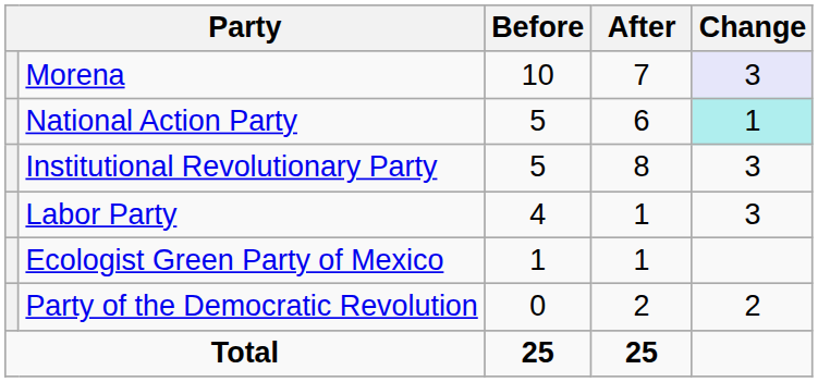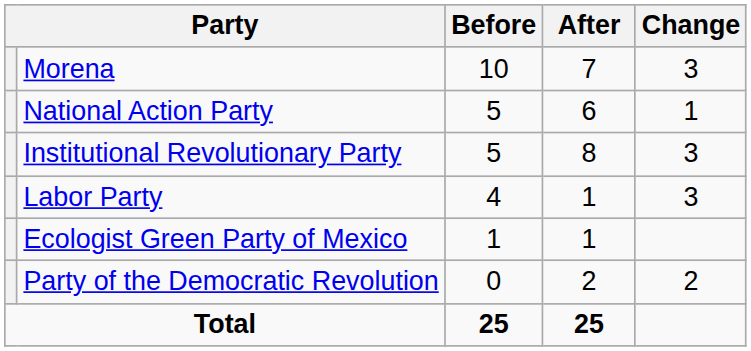 <table class="wikitable" style="text-align:center;">
 <tr>
 <th colspan="2">Party</th>
 <th style="width:3em">Before</th>
 <th style="width:3em">After</th>
 <th style="width:3em">Change</th>
 </tr>
 <tr>
 <th style="background-color:"></th>
 <td style="text-align:left;"><a href='#'>Morena</a></td>
 <td>10</td>
 <td>7</td>
-<td style="background: lavender;">3</td>
+<td>3</td>
 </tr>
 <tr>
 <th style="background-color:"></th>
 <td style="text-align:left;"><a href='#'>National Action Party</a></td>
 <td>5</td>
 <td>6</td>
-<td style="background: paleturquoise;">1</td>
+<td>1</td>
 </tr>
 <tr>
 <th style="background-color:"></th>
 <td style="text-align:left;"><a href='#'>Institutional Revolutionary Party</a></td>
 <td>5</td>
 <td>8</td>
 <td>3</td>
 </tr>
 <tr>
 <th style="background-color:"></th>
 <td style="text-align:left;"><a href='#'>Labor Party</a></td>
 <td>4</td>
 <td>1</td>
 <td>3</td>
 </tr>
 <tr>
 <th style="background-color:"></th>
 <td style="text-align:left;"><a href='#'>Ecologist Green Party of Mexico</a></td>
 <td>1</td>
 <td>1</td>
 <td></td>
 </tr>
 <tr>
 <th style="background-color:"></th>
 <td style="text-align:left;"><a href='#'>Party of the Democratic Revolution</a></td>
 <td>0</td>
 <td>2</td>
 <td>2</td>
 </tr>
 <tr>
 <td colspan="2"><strong>Total</strong></td>
 <td><strong>25</strong></td>
 <td><strong>25</strong></td>
 <td></td>
 </tr>
 </table>
